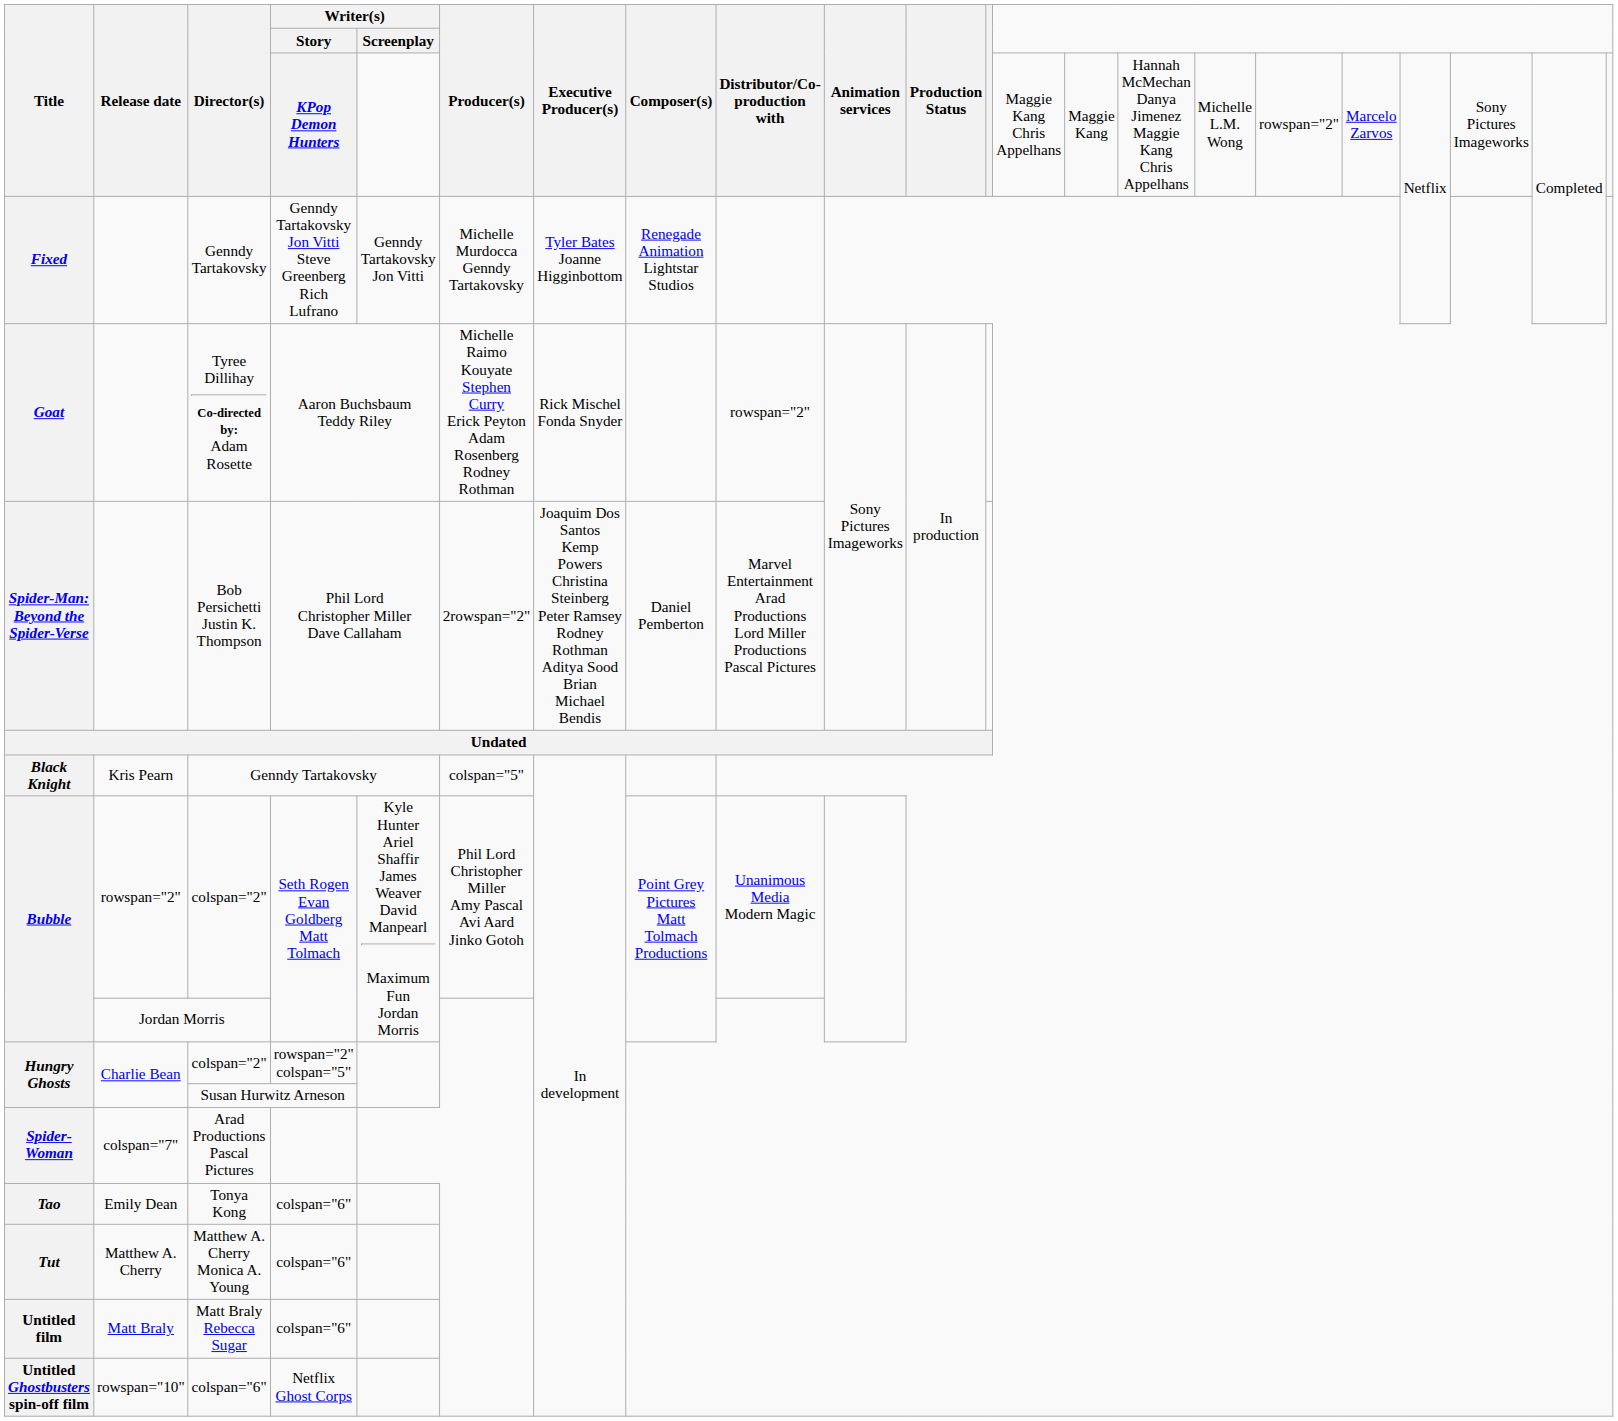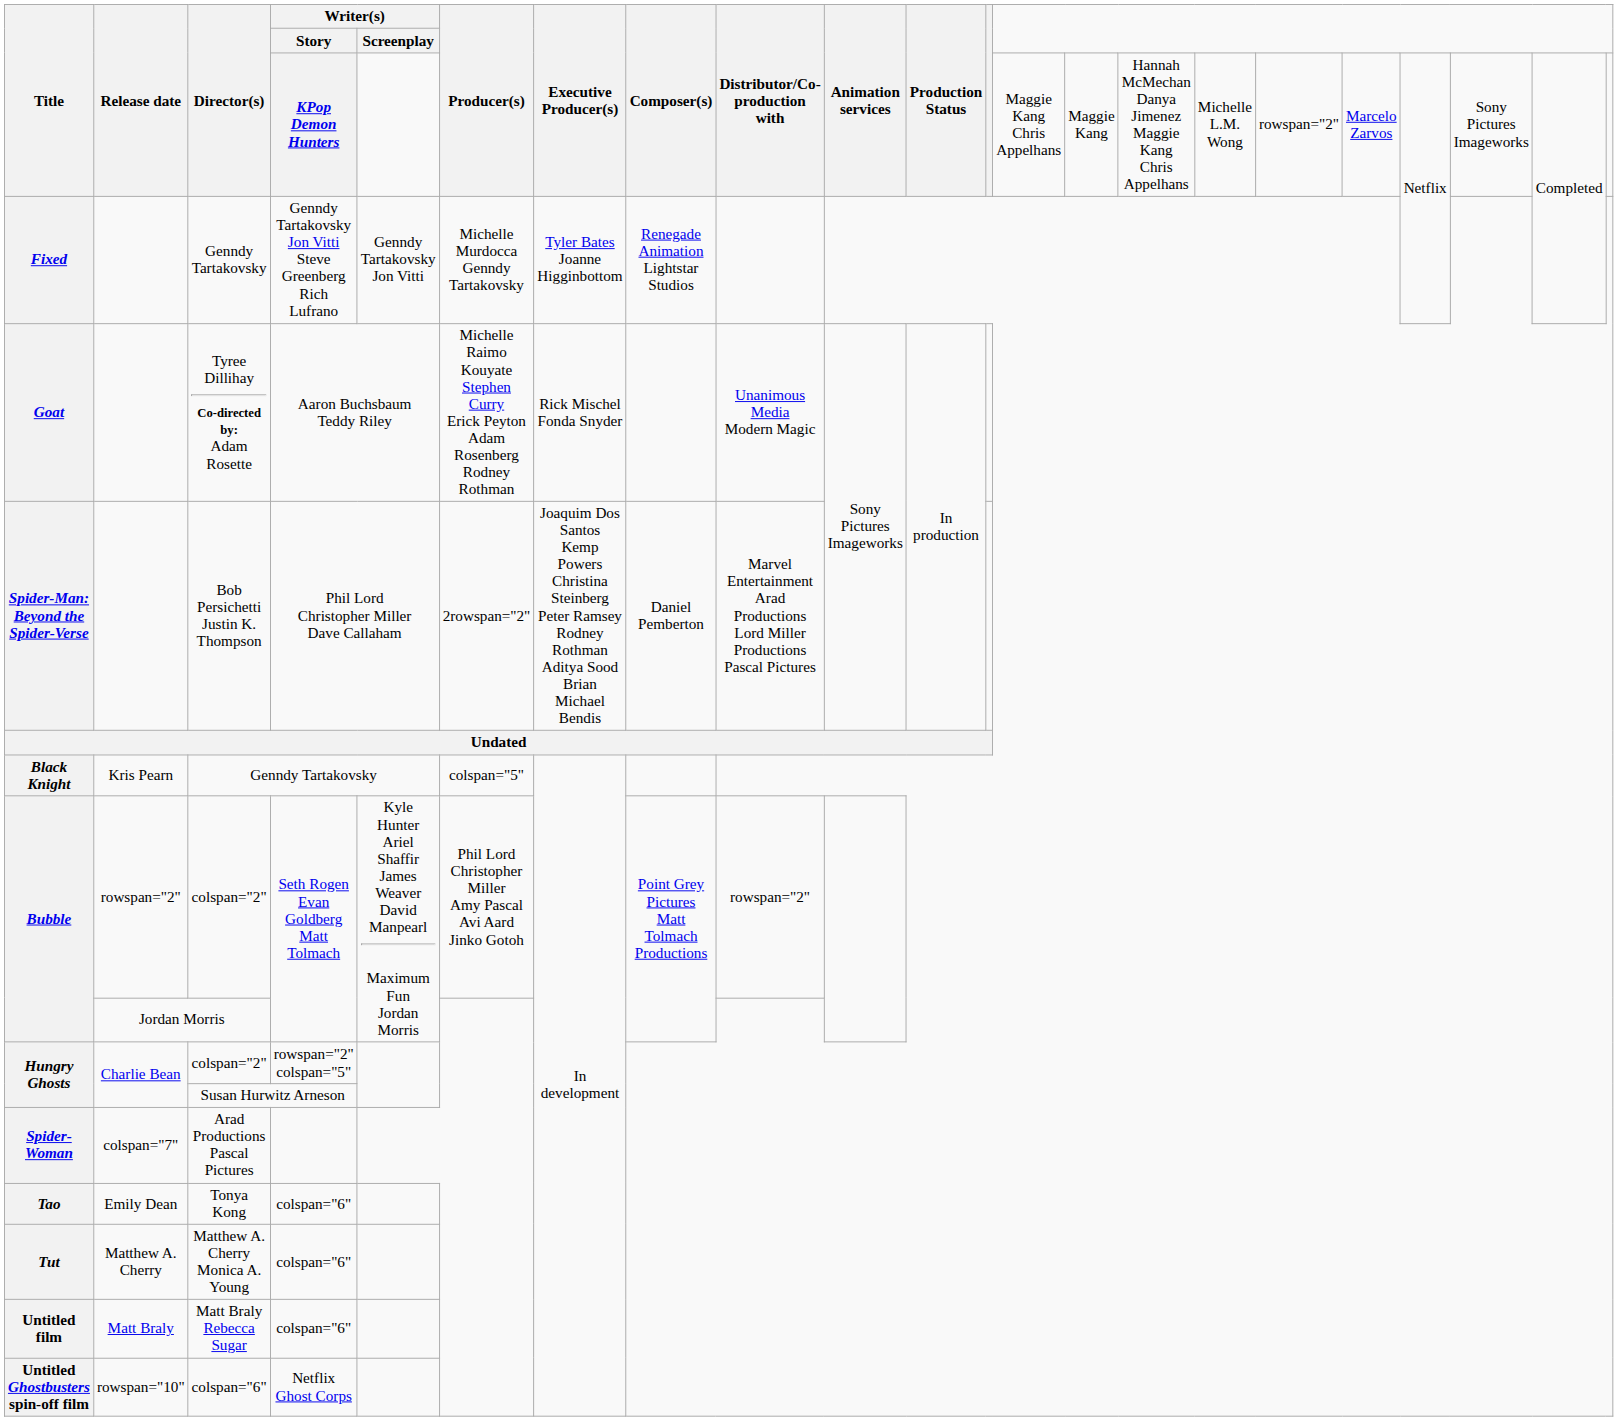 <table class="wikitable sortable plainrowheaders" style="text-align:center; margin=auto; width:100%;">
 <tr>
 <th rowspan="3" scope="col" width="15%">Title</th>
 <th rowspan="3" scope="col" width="15%" data-sort-type="date">Release date</th>
 <th rowspan="3" scope="col" width="10%">Director(s)</th>
 <th colspan="2" scope="col" width="10%">Writer(s)</th>
 <th rowspan="3" scope="col" width="10%">Producer(s)</th>
 <th rowspan="3" scope="col" width="10%">Executive Producer(s)</th>
 <th rowspan="3" scope="col" width="10%">Composer(s)</th>
 <th rowspan="3" scope="col">Distributor/Co-production with</th>
 <th rowspan="3" scope="col">Animation services</th>
 <th rowspan="3" scope="col">Production Status</th>
 <th rowspan="3" scope="col" class="unsortable"></th>
 </tr>
 <tr>
 <th>Story</th>
 <th>Screenplay</th>
 </tr>
 <tr>
 <th scope="row"><em><a href='#'>KPop Demon Hunters</a></em></th>
 <td></td>
 <td>Maggie Kang<br>Chris Appelhans</td>
 <td>Maggie Kang</td>
 <td>Hannah McMechan<br>Danya Jimenez<br>Maggie Kang<br>Chris Appelhans</td>
 <td>Michelle L.M. Wong</td>
 <td>rowspan="2" </td>
 <td><a href='#'>Marcelo Zarvos</a></td>
 <td rowspan="2">Netflix</td>
 <td>Sony Pictures Imageworks</td>
 <td rowspan="2">Completed</td>
 <td></td>
 </tr>
 <tr>
 <th scope="row"><em><a href='#'>Fixed</a></em></th>
 <td></td>
 <td>Genndy Tartakovsky</td>
 <td>Genndy Tartakovsky<br><a href='#'>Jon Vitti</a><br>Steve Greenberg<br>Rich Lufrano</td>
 <td>Genndy Tartakovsky<br>Jon Vitti</td>
 <td>Michelle Murdocca<br>Genndy Tartakovsky</td>
 <td><a href='#'>Tyler Bates</a><br>Joanne Higginbottom</td>
 <td><a href='#'>Renegade Animation</a><br>Lightstar Studios</td>
 <td></td>
 </tr>
 <tr>
 <th scope="row"><em><a href='#'>Goat</a></em></th>
 <td></td>
 <td>Tyree Dillihay<hr><small><strong>Co-directed by:</strong></small><br>Adam Rosette</td>
 <td colspan="2">Aaron Buchsbaum<br>Teddy Riley</td>
 <td>Michelle Raimo Kouyate<br><a href='#'>Stephen Curry</a><br>Erick Peyton<br>Adam Rosenberg<br>Rodney Rothman</td>
 <td>Rick Mischel<br>Fonda Snyder</td>
 <td></td>
-<td>rowspan="2" </td>
+<td><a href='#'>Unanimous Media</a><br>Modern Magic</td>
 <td rowspan="2">Sony Pictures Imageworks</td>
 <td rowspan="2">In production</td>
 <td></td>
 </tr>
 <tr>
 <th scope="row"><em><a href='#'>Spider-Man: Beyond the Spider-Verse</a></em></th>
 <td></td>
 <td>Bob Persichetti<br>Justin K. Thompson</td>
 <td colspan="2">Phil Lord<br>Christopher Miller<br>Dave Callaham</td>
 <td>2rowspan="2" </td>
 <td>Joaquim Dos Santos<br>Kemp Powers<br>Christina Steinberg<br>Peter Ramsey<br>Rodney Rothman<br>Aditya Sood<br>Brian Michael Bendis</td>
 <td>Daniel Pemberton</td>
 <td>Marvel Entertainment<br>Arad Productions<br>Lord Miller Productions<br>Pascal Pictures</td>
 <td></td>
 </tr>
 <tr>
 <th colspan="12">Undated</th>
 </tr>
 <tr>
 <th scope="row"><em>Black Knight</em></th>
 <td>Kris Pearn</td>
 <td colspan="3">Genndy Tartakovsky</td>
 <td>colspan="5" </td>
 <td rowspan="10">In development</td>
 <td></td>
 </tr>
 <tr>
 <th rowspan="2" scope="row"><em><a href='#'>Bubble</a></em></th>
 <td>rowspan="2" </td>
 <td>colspan="2" </td>
 <td rowspan="2"><a href='#'>Seth Rogen</a><br><a href='#'>Evan Goldberg</a><br><a href='#'>Matt Tolmach</a></td>
 <td rowspan="2">Kyle Hunter<br>Ariel Shaffir<br>James Weaver<br>David Manpearl<hr><br>Maximum Fun<br>Jordan Morris</td>
 <td>Phil Lord<br>Christopher Miller<br>Amy Pascal<br>Avi Aard<br>Jinko Gotoh</td>
 <td rowspan="2"><a href='#'>Point Grey Pictures</a><br><a href='#'>Matt Tolmach Productions</a></td>
-<td><a href='#'>Unanimous Media</a><br>Modern Magic</td>
+<td>rowspan="2" </td>
 <td rowspan="2"></td>
 </tr>
 <tr>
 <td colspan="2">Jordan Morris</td>
 </tr>
 <tr>
 <th rowspan="2" scope="row"><em>Hungry Ghosts</em></th>
 <td rowspan="2"><a href='#'>Charlie Bean</a></td>
 <td>colspan="2" </td>
 <td>rowspan="2" colspan="5" </td>
 <td rowspan="2"></td>
 </tr>
 <tr>
 <td colspan="2">Susan Hurwitz Arneson</td>
 </tr>
 <tr>
 <th scope="row"><em><a href='#'>Spider-Woman</a></em></th>
 <td>colspan="7" </td>
 <td>Arad Productions<br>Pascal Pictures</td>
 <td></td>
 </tr>
 <tr>
 <th scope="row"><em>Tao</em></th>
 <td>Emily Dean</td>
 <td>Tonya Kong</td>
 <td>colspan="6" </td>
 <td></td>
 </tr>
 <tr>
 <th scope="row"><em>Tut</em></th>
 <td>Matthew A. Cherry</td>
 <td c2olspan="2">Matthew A. Cherry<br>Monica A. Young</td>
 <td>colspan="6" </td>
 <td></td>
 </tr>
 <tr>
 <th scope="row">Untitled film</th>
 <td><a href='#'>Matt Braly</a></td>
 <td>Matt Braly<br><a href='#'>Rebecca Sugar</a></td>
 <td>colspan="6" </td>
 <td></td>
 </tr>
 <tr>
 <th scope="row">Untitled <em><a href='#'>Ghostbusters</a></em> spin-off film</th>
 <td>rowspan="10" </td>
 <td>colspan="6" </td>
 <td>Netflix<br><a href='#'>Ghost Corps</a></td>
 <td></td>
 </tr>
 </table>
